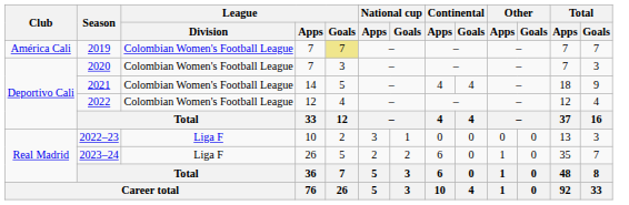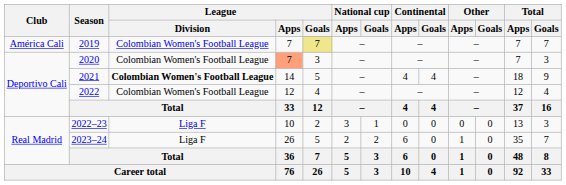 <table class="wikitable" style="text-align: center;">
 <tr>
 <th rowspan=2>Club</th>
 <th rowspan=2>Season</th>
 <th colspan=3>League</th>
 <th colspan=2>National cup</th>
 <th colspan=2>Continental</th>
 <th colspan=2>Other</th>
 <th colspan=2>Total</th>
 </tr>
 <tr>
 <th>Division</th>
 <th>Apps</th>
 <th>Goals</th>
 <th>Apps</th>
 <th>Goals</th>
 <th>Apps</th>
 <th>Goals</th>
 <th>Apps</th>
 <th>Goals</th>
 <th>Apps</th>
 <th>Goals</th>
 </tr>
 <tr>
 <td><a href='#'>América Cali</a></td>
 <td><a href='#'>2019</a></td>
 <td><a href='#'>Colombian Women's Football League</a></td>
 <td>7</td>
 <td style="background: khaki;">7</td>
 <td colspan="2">–</td>
 <td colspan="2">–</td>
 <td colspan="2">–</td>
 <td>7</td>
 <td>7</td>
 </tr>
 <tr>
 <td rowspan="4"><a href='#'>Deportivo Cali</a></td>
 <td><a href='#'>2020</a></td>
 <td>Colombian Women's Football League</td>
-<td>7</td>
+<td style="background: lightsalmon;">7</td>
 <td>3</td>
 <td colspan="2">–</td>
 <td colspan="2">–</td>
 <td colspan="2">–</td>
 <td>7</td>
 <td>3</td>
 </tr>
 <tr>
 <td><a href='#'>2021</a></td>
-<td>Colombian Women's Football League</td>
+<td><strong>Colombian Women's Football League</strong></td>
 <td>14</td>
 <td>5</td>
 <td colspan="2">–</td>
 <td>4</td>
 <td>4</td>
 <td colspan="2">–</td>
 <td>18</td>
 <td>9</td>
 </tr>
 <tr>
 <td><a href='#'>2022</a></td>
 <td>Colombian Women's Football League</td>
 <td>12</td>
 <td>4</td>
 <td colspan="2">–</td>
 <td colspan="2">–</td>
 <td colspan="2">–</td>
 <td>12</td>
 <td>4</td>
 </tr>
 <tr>
 <th colspan="2">Total</th>
 <th>33</th>
 <th>12</th>
 <th colspan="2">–</th>
 <th>4</th>
 <th>4</th>
 <th colspan="2">–</th>
 <th>37</th>
 <th>16</th>
 </tr>
 <tr>
 <td rowspan="3"><a href='#'>Real Madrid</a></td>
 <td><a href='#'>2022–23</a></td>
 <td><a href='#'>Liga F</a></td>
 <td>10</td>
 <td>2</td>
 <td>3</td>
 <td>1</td>
 <td>0</td>
 <td>0</td>
 <td>0</td>
 <td>0</td>
 <td>13</td>
 <td>3</td>
 </tr>
 <tr>
 <td><a href='#'>2023–24</a></td>
 <td>Liga F</td>
 <td>26</td>
 <td>5</td>
 <td>2</td>
 <td>2</td>
 <td>6</td>
 <td>0</td>
 <td>1</td>
 <td>0</td>
 <td>35</td>
 <td>7</td>
 </tr>
 <tr>
 <th colspan="2">Total</th>
 <th>36</th>
 <th>7</th>
 <th>5</th>
 <th>3</th>
 <th>6</th>
 <th>0</th>
 <th>1</th>
 <th>0</th>
 <th>48</th>
 <th>8</th>
 </tr>
 <tr>
 <th colspan="3">Career total</th>
 <th>76</th>
 <th>26</th>
 <th>5</th>
 <th>3</th>
 <th>10</th>
 <th>4</th>
 <th>1</th>
 <th>0</th>
 <th>92</th>
 <th>33</th>
 </tr>
 </table>
